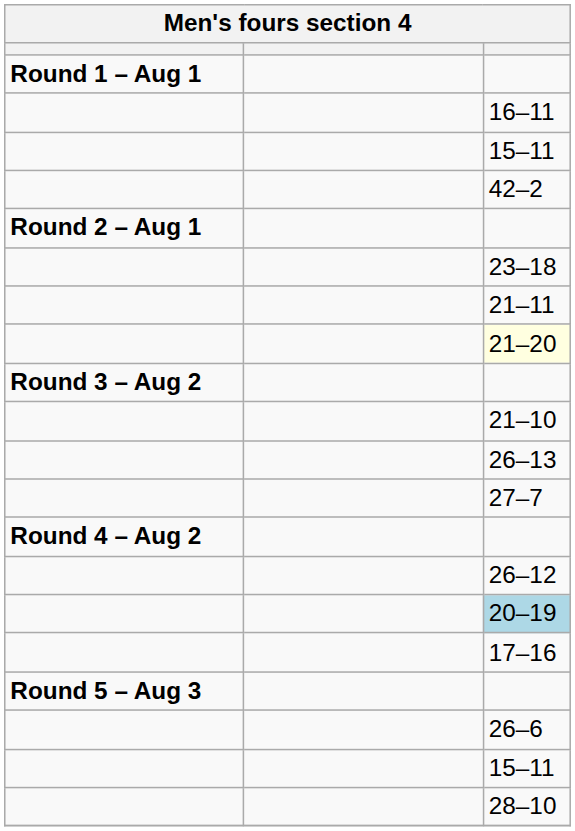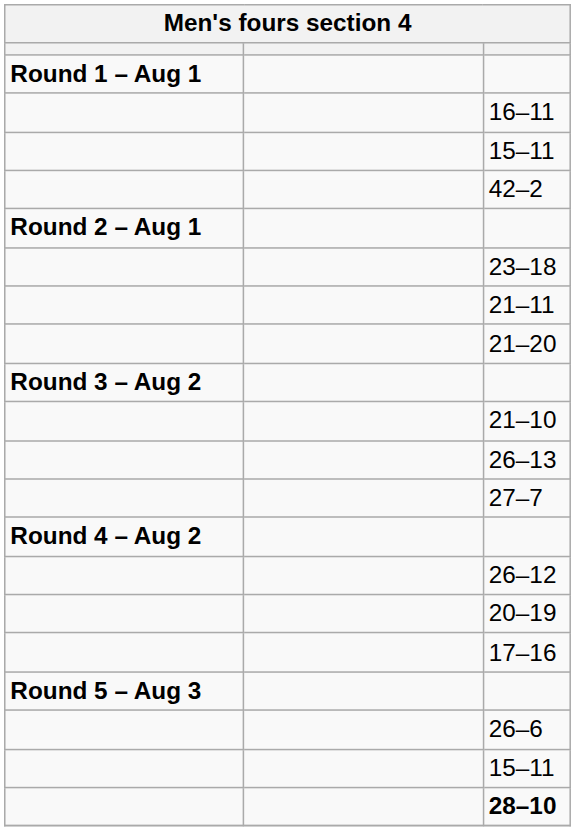 <table class="wikitable">
 <tr>
 <th colspan="3">Men's fours section 4</th>
 </tr>
 <tr>
 <th width=150></th>
 <th width=150></th>
 <th width=50></th>
 </tr>
 <tr>
 <td><strong>Round 1 – Aug 1</strong></td>
 <td></td>
 <td></td>
 </tr>
 <tr>
 <td></td>
 <td></td>
 <td>16–11</td>
 </tr>
 <tr>
 <td></td>
 <td></td>
 <td>15–11</td>
 </tr>
 <tr>
 <td></td>
 <td></td>
 <td>42–2</td>
 </tr>
 <tr>
 <td><strong>Round 2 – Aug 1</strong></td>
 <td></td>
 <td></td>
 </tr>
 <tr>
 <td></td>
 <td></td>
 <td>23–18</td>
 </tr>
 <tr>
 <td></td>
 <td></td>
 <td>21–11</td>
 </tr>
 <tr>
 <td></td>
 <td></td>
-<td style="background: lightyellow;">21–20</td>
+<td>21–20</td>
 </tr>
 <tr>
 <td><strong>Round 3 – Aug 2</strong></td>
 <td></td>
 <td></td>
 </tr>
 <tr>
 <td></td>
 <td></td>
 <td>21–10</td>
 </tr>
 <tr>
 <td></td>
 <td></td>
 <td>26–13</td>
 </tr>
 <tr>
 <td></td>
 <td></td>
 <td>27–7</td>
 </tr>
 <tr>
 <td><strong>Round 4 – Aug 2</strong></td>
 <td></td>
 <td></td>
 </tr>
 <tr>
 <td></td>
 <td></td>
 <td>26–12</td>
 </tr>
 <tr>
 <td></td>
 <td></td>
-<td style="background: lightblue;">20–19</td>
+<td>20–19</td>
 </tr>
 <tr>
 <td></td>
 <td></td>
 <td>17–16</td>
 </tr>
 <tr>
 <td><strong>Round 5 – Aug 3</strong></td>
 <td></td>
 <td></td>
 </tr>
 <tr>
 <td></td>
 <td></td>
 <td>26–6</td>
 </tr>
 <tr>
 <td></td>
 <td></td>
 <td>15–11</td>
 </tr>
 <tr>
 <td></td>
 <td></td>
-<td>28–10</td>
+<td><strong>28–10</strong></td>
 </tr>
 <tr>
 </tr>
 </table>
